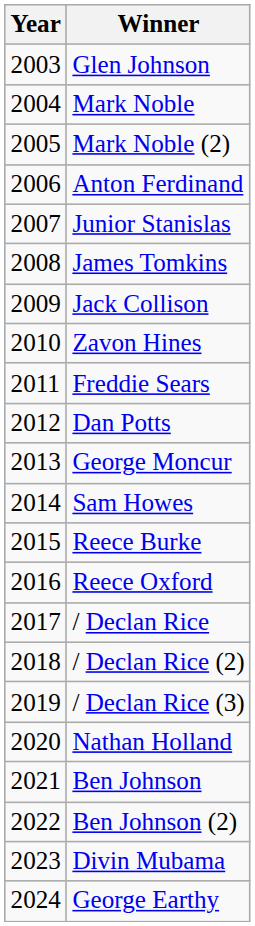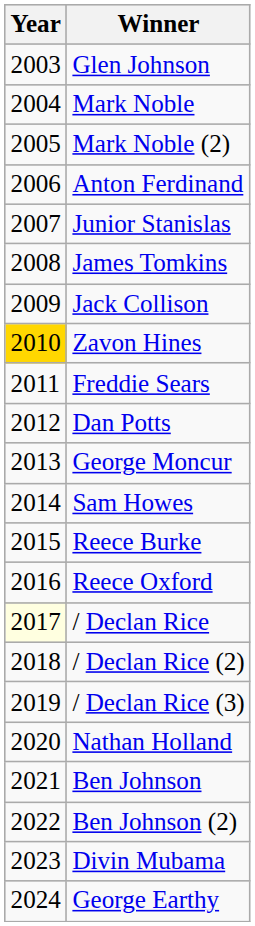 <table class="wikitable">
 <tr>
 <th>Year</th>
 <th>Winner</th>
 </tr>
 <tr>
 <td>2003</td>
 <td> <a href='#'>Glen Johnson</a></td>
 </tr>
 <tr>
 <td>2004</td>
 <td> <a href='#'>Mark Noble</a></td>
 </tr>
 <tr>
 <td>2005</td>
 <td> <a href='#'>Mark Noble</a> (2)</td>
 </tr>
 <tr>
 <td>2006</td>
 <td> <a href='#'>Anton Ferdinand</a></td>
 </tr>
 <tr>
 <td>2007</td>
 <td> <a href='#'>Junior Stanislas</a></td>
 </tr>
 <tr>
 <td>2008</td>
 <td> <a href='#'>James Tomkins</a></td>
 </tr>
 <tr>
 <td>2009</td>
 <td> <a href='#'>Jack Collison</a></td>
 </tr>
 <tr>
-<td>2010</td>
+<td style="background: gold;">2010</td>
 <td> <a href='#'>Zavon Hines</a></td>
 </tr>
 <tr>
 <td>2011</td>
 <td> <a href='#'>Freddie Sears</a></td>
 </tr>
 <tr>
 <td>2012</td>
 <td> <a href='#'>Dan Potts</a></td>
 </tr>
 <tr>
 <td>2013</td>
 <td> <a href='#'>George Moncur</a></td>
 </tr>
 <tr>
 <td>2014</td>
 <td> <a href='#'>Sam Howes</a></td>
 </tr>
 <tr>
 <td>2015</td>
 <td> <a href='#'>Reece Burke</a></td>
 </tr>
 <tr>
 <td>2016</td>
 <td> <a href='#'>Reece Oxford</a></td>
 </tr>
 <tr>
-<td>2017</td>
+<td style="background: lightyellow;">2017</td>
 <td>/ <a href='#'>Declan Rice</a></td>
 </tr>
 <tr>
 <td>2018</td>
 <td>/ <a href='#'>Declan Rice</a> (2)</td>
 </tr>
 <tr>
 <td>2019</td>
 <td>/ <a href='#'>Declan Rice</a> (3)</td>
 </tr>
 <tr>
 <td>2020</td>
 <td> <a href='#'>Nathan Holland</a></td>
 </tr>
 <tr>
 <td>2021</td>
 <td> <a href='#'>Ben Johnson</a></td>
 </tr>
 <tr>
 <td>2022</td>
 <td> <a href='#'>Ben Johnson</a> (2)</td>
 </tr>
 <tr>
 <td>2023</td>
 <td> <a href='#'>Divin Mubama</a></td>
 </tr>
 <tr>
 <td>2024</td>
 <td> <a href='#'>George Earthy</a></td>
 </tr>
 </table>
